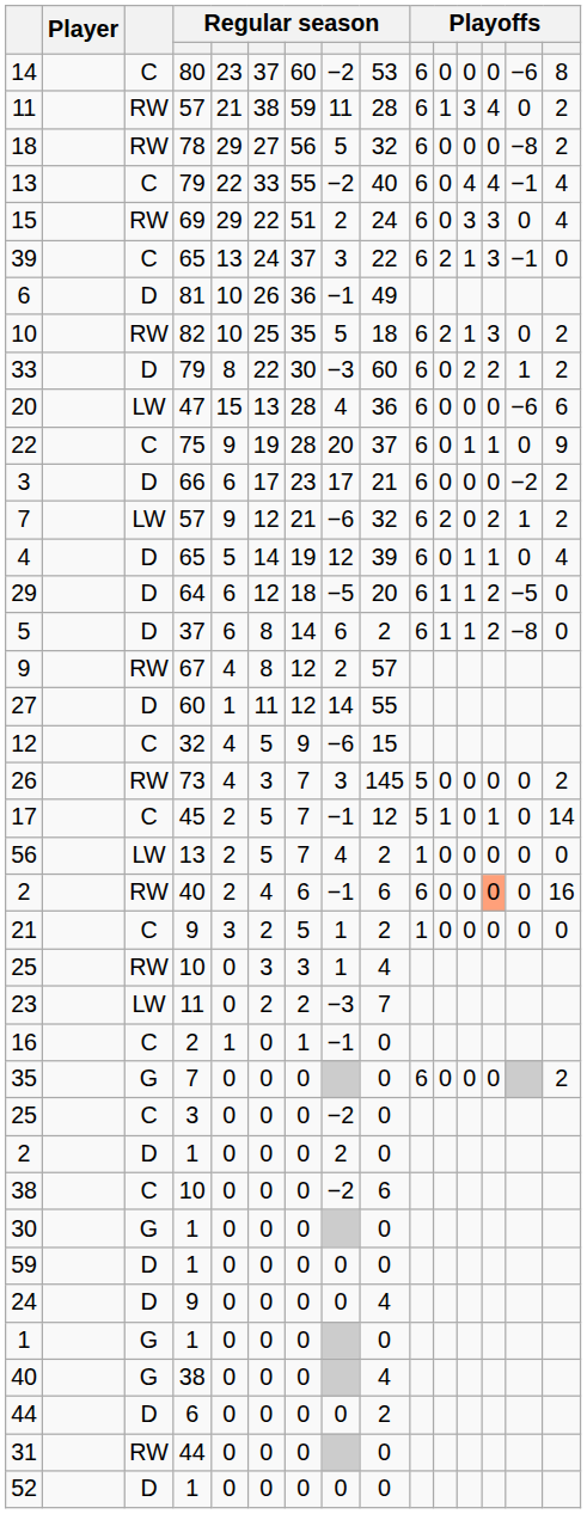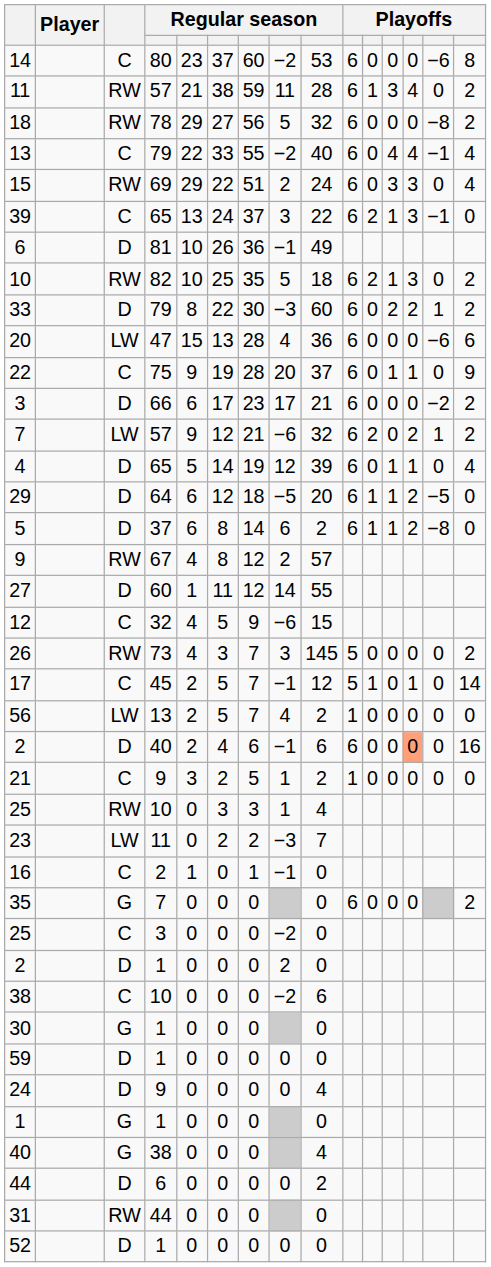 <table class="wikitable sortable plainrowheaders" style="text-align:center;">
 <tr>
 <th scope="col" data-sort-type="number" rowspan="2"></th>
 <th scope="col" rowspan="2">Player</th>
 <th scope="col" rowspan="2"></th>
 <th scope=colgroup colspan=6>Regular season</th>
 <th scope=colgroup colspan=6>Playoffs</th>
 </tr>
 <tr>
 <th scope="col" data-sort-type="number"></th>
 <th scope="col" data-sort-type="number"></th>
 <th scope="col" data-sort-type="number"></th>
 <th scope="col" data-sort-type="number"></th>
 <th scope="col" data-sort-type="number"></th>
 <th scope="col" data-sort-type="number"></th>
 <th scope="col" data-sort-type="number"></th>
 <th scope="col" data-sort-type="number"></th>
 <th scope="col" data-sort-type="number"></th>
 <th scope="col" data-sort-type="number"></th>
 <th scope="col" data-sort-type="number"></th>
 <th scope="col" data-sort-type="number"></th>
 </tr>
 <tr>
 <td scope="row">14</td>
 <td align="left"></td>
 <td>C</td>
 <td>80</td>
 <td>23</td>
 <td>37</td>
 <td>60</td>
 <td>−2</td>
 <td>53</td>
 <td>6</td>
 <td>0</td>
 <td>0</td>
 <td>0</td>
 <td>−6</td>
 <td>8</td>
 </tr>
 <tr>
 <td scope="row">11</td>
 <td align="left"></td>
 <td>RW</td>
 <td>57</td>
 <td>21</td>
 <td>38</td>
 <td>59</td>
 <td>11</td>
 <td>28</td>
 <td>6</td>
 <td>1</td>
 <td>3</td>
 <td>4</td>
 <td>0</td>
 <td>2</td>
 </tr>
 <tr>
 <td scope="row">18</td>
 <td align="left"></td>
 <td>RW</td>
 <td>78</td>
 <td>29</td>
 <td>27</td>
 <td>56</td>
 <td>5</td>
 <td>32</td>
 <td>6</td>
 <td>0</td>
 <td>0</td>
 <td>0</td>
 <td>−8</td>
 <td>2</td>
 </tr>
 <tr>
 <td scope="row">13</td>
 <td align="left"></td>
 <td>C</td>
 <td>79</td>
 <td>22</td>
 <td>33</td>
 <td>55</td>
 <td>−2</td>
 <td>40</td>
 <td>6</td>
 <td>0</td>
 <td>4</td>
 <td>4</td>
 <td>−1</td>
 <td>4</td>
 </tr>
 <tr>
 <td scope="row">15</td>
 <td align="left"></td>
 <td>RW</td>
 <td>69</td>
 <td>29</td>
 <td>22</td>
 <td>51</td>
 <td>2</td>
 <td>24</td>
 <td>6</td>
 <td>0</td>
 <td>3</td>
 <td>3</td>
 <td>0</td>
 <td>4</td>
 </tr>
 <tr>
 <td scope="row">39</td>
 <td align="left"></td>
 <td>C</td>
 <td>65</td>
 <td>13</td>
 <td>24</td>
 <td>37</td>
 <td>3</td>
 <td>22</td>
 <td>6</td>
 <td>2</td>
 <td>1</td>
 <td>3</td>
 <td>−1</td>
 <td>0</td>
 </tr>
 <tr>
 <td scope="row">6</td>
 <td align="left"></td>
 <td>D</td>
 <td>81</td>
 <td>10</td>
 <td>26</td>
 <td>36</td>
 <td>−1</td>
 <td>49</td>
 <td></td>
 <td></td>
 <td></td>
 <td></td>
 <td></td>
 <td></td>
 </tr>
 <tr>
 <td scope="row">10</td>
 <td align="left"></td>
 <td>RW</td>
 <td>82</td>
 <td>10</td>
 <td>25</td>
 <td>35</td>
 <td>5</td>
 <td>18</td>
 <td>6</td>
 <td>2</td>
 <td>1</td>
 <td>3</td>
 <td>0</td>
 <td>2</td>
 </tr>
 <tr>
 <td scope="row">33</td>
 <td align="left"></td>
 <td>D</td>
 <td>79</td>
 <td>8</td>
 <td>22</td>
 <td>30</td>
 <td>−3</td>
 <td>60</td>
 <td>6</td>
 <td>0</td>
 <td>2</td>
 <td>2</td>
 <td>1</td>
 <td>2</td>
 </tr>
 <tr>
 <td scope="row">20</td>
 <td align="left"></td>
 <td>LW</td>
 <td>47</td>
 <td>15</td>
 <td>13</td>
 <td>28</td>
 <td>4</td>
 <td>36</td>
 <td>6</td>
 <td>0</td>
 <td>0</td>
 <td>0</td>
 <td>−6</td>
 <td>6</td>
 </tr>
 <tr>
 <td scope="row">22</td>
 <td align="left"></td>
 <td>C</td>
 <td>75</td>
 <td>9</td>
 <td>19</td>
 <td>28</td>
 <td>20</td>
 <td>37</td>
 <td>6</td>
 <td>0</td>
 <td>1</td>
 <td>1</td>
 <td>0</td>
 <td>9</td>
 </tr>
 <tr>
 <td scope="row">3</td>
 <td align="left"></td>
 <td>D</td>
 <td>66</td>
 <td>6</td>
 <td>17</td>
 <td>23</td>
 <td>17</td>
 <td>21</td>
 <td>6</td>
 <td>0</td>
 <td>0</td>
 <td>0</td>
 <td>−2</td>
 <td>2</td>
 </tr>
 <tr>
 <td scope="row">7</td>
 <td align="left"></td>
 <td>LW</td>
 <td>57</td>
 <td>9</td>
 <td>12</td>
 <td>21</td>
 <td>−6</td>
 <td>32</td>
 <td>6</td>
 <td>2</td>
 <td>0</td>
 <td>2</td>
 <td>1</td>
 <td>2</td>
 </tr>
 <tr>
 <td scope="row">4</td>
 <td align="left"></td>
 <td>D</td>
 <td>65</td>
 <td>5</td>
 <td>14</td>
 <td>19</td>
 <td>12</td>
 <td>39</td>
 <td>6</td>
 <td>0</td>
 <td>1</td>
 <td>1</td>
 <td>0</td>
 <td>4</td>
 </tr>
 <tr>
 <td scope="row">29</td>
 <td align="left"></td>
 <td>D</td>
 <td>64</td>
 <td>6</td>
 <td>12</td>
 <td>18</td>
 <td>−5</td>
 <td>20</td>
 <td>6</td>
 <td>1</td>
 <td>1</td>
 <td>2</td>
 <td>−5</td>
 <td>0</td>
 </tr>
 <tr>
 <td scope="row">5</td>
 <td align="left"></td>
 <td>D</td>
 <td>37</td>
 <td>6</td>
 <td>8</td>
 <td>14</td>
 <td>6</td>
 <td>2</td>
 <td>6</td>
 <td>1</td>
 <td>1</td>
 <td>2</td>
 <td>−8</td>
 <td>0</td>
 </tr>
 <tr>
 <td scope="row">9</td>
 <td align="left"></td>
 <td>RW</td>
 <td>67</td>
 <td>4</td>
 <td>8</td>
 <td>12</td>
 <td>2</td>
 <td>57</td>
 <td></td>
 <td></td>
 <td></td>
 <td></td>
 <td></td>
 <td></td>
 </tr>
 <tr>
 <td scope="row">27</td>
 <td align="left"></td>
 <td>D</td>
 <td>60</td>
 <td>1</td>
 <td>11</td>
 <td>12</td>
 <td>14</td>
 <td>55</td>
 <td></td>
 <td></td>
 <td></td>
 <td></td>
 <td></td>
 <td></td>
 </tr>
 <tr>
 <td scope="row">12</td>
 <td align="left"></td>
 <td>C</td>
 <td>32</td>
 <td>4</td>
 <td>5</td>
 <td>9</td>
 <td>−6</td>
 <td>15</td>
 <td></td>
 <td></td>
 <td></td>
 <td></td>
 <td></td>
 <td></td>
 </tr>
 <tr>
 <td scope="row">26</td>
 <td align="left"></td>
 <td>RW</td>
 <td>73</td>
 <td>4</td>
 <td>3</td>
 <td>7</td>
 <td>3</td>
 <td>145</td>
 <td>5</td>
 <td>0</td>
 <td>0</td>
 <td>0</td>
 <td>0</td>
 <td>2</td>
 </tr>
 <tr>
 <td scope="row">17</td>
 <td align="left"></td>
 <td>C</td>
 <td>45</td>
 <td>2</td>
 <td>5</td>
 <td>7</td>
 <td>−1</td>
 <td>12</td>
 <td>5</td>
 <td>1</td>
 <td>0</td>
 <td>1</td>
 <td>0</td>
 <td>14</td>
 </tr>
 <tr>
 <td scope="row">56</td>
 <td align="left"></td>
 <td>LW</td>
 <td>13</td>
 <td>2</td>
 <td>5</td>
 <td>7</td>
 <td>4</td>
 <td>2</td>
 <td>1</td>
 <td>0</td>
 <td>0</td>
 <td>0</td>
 <td>0</td>
 <td>0</td>
 </tr>
 <tr>
 <td scope="row">2</td>
 <td align="left"></td>
-<td>RW</td>
+<td>D</td>
 <td>40</td>
 <td>2</td>
 <td>4</td>
 <td>6</td>
 <td>−1</td>
 <td>6</td>
 <td>6</td>
 <td>0</td>
 <td>0</td>
 <td style="background: lightsalmon;">0</td>
 <td>0</td>
 <td>16</td>
 </tr>
 <tr>
 <td scope="row">21</td>
 <td align="left"></td>
 <td>C</td>
 <td>9</td>
 <td>3</td>
 <td>2</td>
 <td>5</td>
 <td>1</td>
 <td>2</td>
 <td>1</td>
 <td>0</td>
 <td>0</td>
 <td>0</td>
 <td>0</td>
 <td>0</td>
 </tr>
 <tr>
 <td scope="row">25</td>
 <td align="left"></td>
 <td>RW</td>
 <td>10</td>
 <td>0</td>
 <td>3</td>
 <td>3</td>
 <td>1</td>
 <td>4</td>
 <td></td>
 <td></td>
 <td></td>
 <td></td>
 <td></td>
 <td></td>
 </tr>
 <tr>
 <td scope="row">23</td>
 <td align="left"></td>
 <td>LW</td>
 <td>11</td>
 <td>0</td>
 <td>2</td>
 <td>2</td>
 <td>−3</td>
 <td>7</td>
 <td></td>
 <td></td>
 <td></td>
 <td></td>
 <td></td>
 <td></td>
 </tr>
 <tr>
 <td scope="row">16</td>
 <td align="left"></td>
 <td>C</td>
 <td>2</td>
 <td>1</td>
 <td>0</td>
 <td>1</td>
 <td>−1</td>
 <td>0</td>
 <td></td>
 <td></td>
 <td></td>
 <td></td>
 <td></td>
 <td></td>
 </tr>
 <tr>
 <td scope="row">35</td>
 <td align="left"></td>
 <td>G</td>
 <td>7</td>
 <td>0</td>
 <td>0</td>
 <td>0</td>
 <td style="background:#ccc"></td>
 <td>0</td>
 <td>6</td>
 <td>0</td>
 <td>0</td>
 <td>0</td>
 <td style="background:#ccc"></td>
 <td>2</td>
 </tr>
 <tr>
 <td scope="row">25</td>
 <td align="left"></td>
 <td>C</td>
 <td>3</td>
 <td>0</td>
 <td>0</td>
 <td>0</td>
 <td>−2</td>
 <td>0</td>
 <td></td>
 <td></td>
 <td></td>
 <td></td>
 <td></td>
 <td></td>
 </tr>
 <tr>
 <td scope="row">2</td>
 <td align="left"></td>
 <td>D</td>
 <td>1</td>
 <td>0</td>
 <td>0</td>
 <td>0</td>
 <td>2</td>
 <td>0</td>
 <td></td>
 <td></td>
 <td></td>
 <td></td>
 <td></td>
 <td></td>
 </tr>
 <tr>
 <td scope="row">38</td>
 <td align="left"></td>
 <td>C</td>
 <td>10</td>
 <td>0</td>
 <td>0</td>
 <td>0</td>
 <td>−2</td>
 <td>6</td>
 <td></td>
 <td></td>
 <td></td>
 <td></td>
 <td></td>
 <td></td>
 </tr>
 <tr>
 <td scope="row">30</td>
 <td align="left"></td>
 <td>G</td>
 <td>1</td>
 <td>0</td>
 <td>0</td>
 <td>0</td>
 <td style="background:#ccc"></td>
 <td>0</td>
 <td></td>
 <td></td>
 <td></td>
 <td></td>
 <td></td>
 <td></td>
 </tr>
 <tr>
 <td scope="row">59</td>
 <td align="left"></td>
 <td>D</td>
 <td>1</td>
 <td>0</td>
 <td>0</td>
 <td>0</td>
 <td>0</td>
 <td>0</td>
 <td></td>
 <td></td>
 <td></td>
 <td></td>
 <td></td>
 <td></td>
 </tr>
 <tr>
 <td scope="row">24</td>
 <td align="left"></td>
 <td>D</td>
 <td>9</td>
 <td>0</td>
 <td>0</td>
 <td>0</td>
 <td>0</td>
 <td>4</td>
 <td></td>
 <td></td>
 <td></td>
 <td></td>
 <td></td>
 <td></td>
 </tr>
 <tr>
 <td scope="row">1</td>
 <td align="left"></td>
 <td>G</td>
 <td>1</td>
 <td>0</td>
 <td>0</td>
 <td>0</td>
 <td style="background:#ccc"></td>
 <td>0</td>
 <td></td>
 <td></td>
 <td></td>
 <td></td>
 <td></td>
 <td></td>
 </tr>
 <tr>
 <td scope="row">40</td>
 <td align="left"></td>
 <td>G</td>
 <td>38</td>
 <td>0</td>
 <td>0</td>
 <td>0</td>
 <td style="background:#ccc"></td>
 <td>4</td>
 <td></td>
 <td></td>
 <td></td>
 <td></td>
 <td></td>
 <td></td>
 </tr>
 <tr>
 <td scope="row">44</td>
 <td align="left"></td>
 <td>D</td>
 <td>6</td>
 <td>0</td>
 <td>0</td>
 <td>0</td>
 <td>0</td>
 <td>2</td>
 <td></td>
 <td></td>
 <td></td>
 <td></td>
 <td></td>
 <td></td>
 </tr>
 <tr>
 <td scope="row">31</td>
 <td align="left"></td>
 <td>RW</td>
 <td>44</td>
 <td>0</td>
 <td>0</td>
 <td>0</td>
 <td style="background:#ccc"></td>
 <td>0</td>
 <td></td>
 <td></td>
 <td></td>
 <td></td>
 <td></td>
 <td></td>
 </tr>
 <tr>
 <td scope="row">52</td>
 <td align="left"></td>
 <td>D</td>
 <td>1</td>
 <td>0</td>
 <td>0</td>
 <td>0</td>
 <td>0</td>
 <td>0</td>
 <td></td>
 <td></td>
 <td></td>
 <td></td>
 <td></td>
 <td></td>
 </tr>
 </table>
